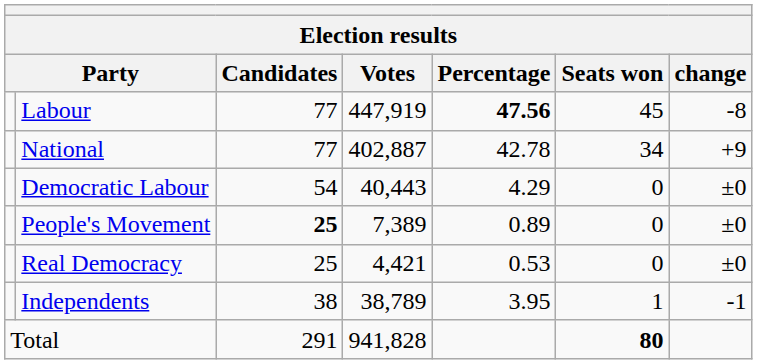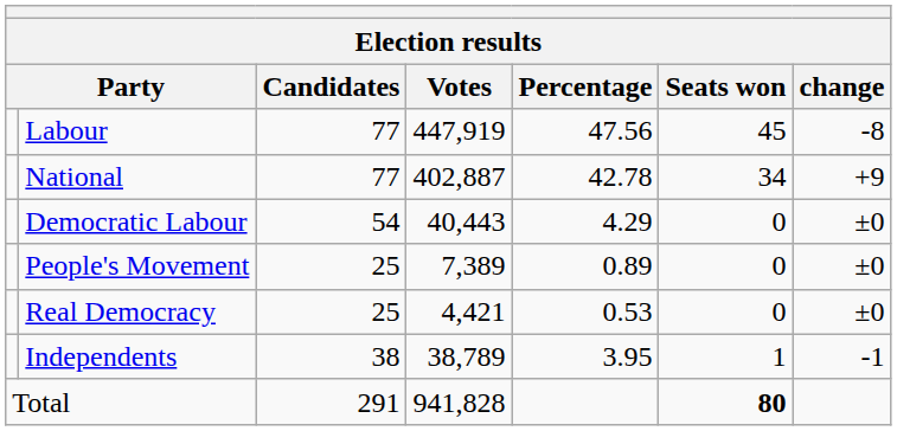 <table class="wikitable" style="text-align:right">
 <tr>
 <th colspan=7></th>
 </tr>
 <tr>
 <th colspan=7>Election results</th>
 </tr>
 <tr>
 <th colspan=2>Party</th>
 <th>Candidates</th>
 <th>Votes</th>
 <th>Percentage</th>
 <th>Seats won</th>
 <th>change</th>
 </tr>
 <tr align=right>
 <td></td>
 <td align=left><a href='#'>Labour</a></td>
 <td>77</td>
 <td>447,919</td>
-<td><strong>47.56</strong></td>
+<td>47.56</td>
 <td>45</td>
 <td>-8</td>
 </tr>
 <tr align=right>
 <td></td>
 <td align=left><a href='#'>National</a></td>
 <td>77</td>
 <td>402,887</td>
 <td>42.78</td>
 <td>34</td>
 <td>+9</td>
 </tr>
 <tr align=right>
 <td></td>
 <td align=left><a href='#'>Democratic Labour</a></td>
 <td>54</td>
 <td>40,443</td>
 <td>4.29</td>
 <td>0</td>
 <td>±0</td>
 </tr>
 <tr align=right>
 <td></td>
 <td align=left><a href='#'>People's Movement</a></td>
-<td><strong>25</strong></td>
+<td>25</td>
 <td>7,389</td>
 <td>0.89</td>
 <td>0</td>
 <td>±0</td>
 </tr>
 <tr align=right>
 <td></td>
 <td align=left><a href='#'>Real Democracy</a></td>
 <td>25</td>
 <td>4,421</td>
 <td>0.53</td>
 <td>0</td>
 <td>±0</td>
 </tr>
 <tr align=right>
 <td></td>
 <td align=left><a href='#'>Independents</a></td>
 <td>38</td>
 <td>38,789</td>
 <td>3.95</td>
 <td>1</td>
 <td>-1</td>
 </tr>
 <tr bgcolor=>
 <td colspan=2 align=left>Total</td>
 <td>291</td>
 <td>941,828</td>
 <td></td>
 <td><strong>80</strong></td>
 <td></td>
 </tr>
 </table>
